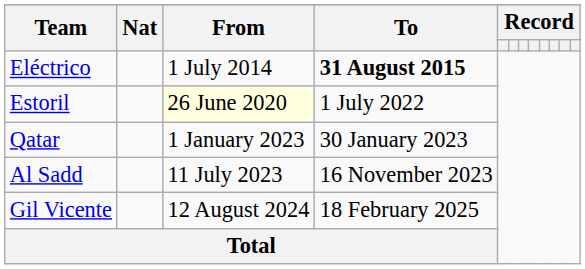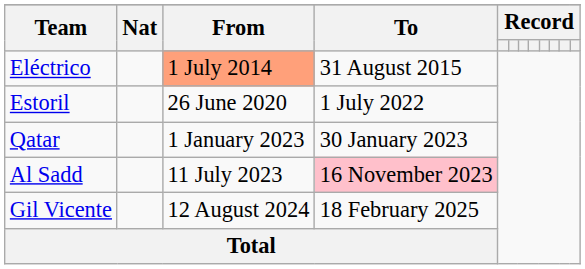 <table class="wikitable" style="text-align: center">
 <tr>
 </tr>
 <tr>
 <th rowspan="2">Team</th>
 <th rowspan="2">Nat</th>
 <th rowspan="2">From</th>
 <th rowspan="2">To</th>
 <th colspan="8">Record</th>
 </tr>
 <tr>
 <th></th>
 <th></th>
 <th></th>
 <th></th>
 <th></th>
 <th></th>
 <th></th>
 <th></th>
 </tr>
 <tr>
 <td align=left><a href='#'>Eléctrico</a></td>
 <td></td>
-<td align=left>1 July 2014</td>
-<td align=left><strong>31 August 2015<br></strong></td>
+<td align=left style="background: lightsalmon;">1 July 2014</td>
+<td align=left>31 August 2015<br></td>
 </tr>
 <tr>
 <td align=left><a href='#'>Estoril</a></td>
 <td></td>
-<td align=left style="background: lightyellow;">26 June 2020</td>
+<td align=left>26 June 2020</td>
 <td align=left>1 July 2022<br></td>
 </tr>
 <tr>
 <td align=left><a href='#'>Qatar</a></td>
 <td></td>
 <td align=left>1 January 2023</td>
 <td align=left>30 January 2023<br></td>
 </tr>
 <tr>
 <td align="left"><a href='#'>Al Sadd</a></td>
 <td></td>
 <td align="left">11 July 2023</td>
-<td align="left">16 November 2023<br></td>
+<td align="left" style="background: pink;">16 November 2023<br></td>
 </tr>
 <tr>
 <td align="left"><a href='#'>Gil Vicente</a></td>
 <td></td>
 <td align="left">12 August 2024</td>
 <td align="left">18 February 2025<br></td>
 </tr>
 <tr>
 <th colspan="4">Total<br></th>
 </tr>
 </table>
